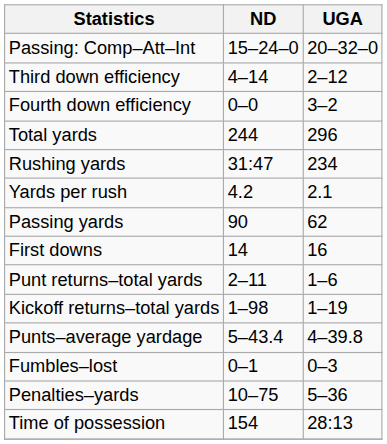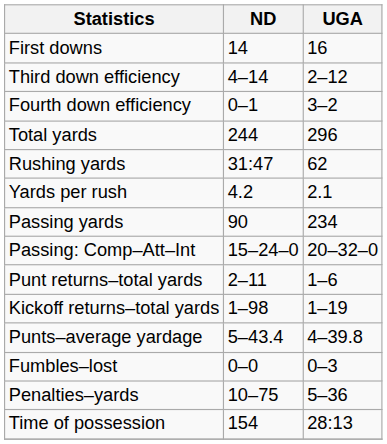 <table class="wikitable" style="float: left;">
 <tr>
 <th>Statistics</th>
 <th>ND</th>
 <th>UGA</th>
 </tr>
 <tr>
-<td>Passing: Comp–Att–Int</td>
-<td>15–24–0</td>
-<td>20–32–0</td>
+<td>First downs</td>
+<td>14</td>
+<td>16</td>
 </tr>
 <tr>
 <td>Third down efficiency</td>
 <td>4–14</td>
 <td>2–12</td>
 </tr>
 <tr>
 <td>Fourth down efficiency</td>
-<td>0–0</td>
+<td>0–1</td>
 <td>3–2</td>
 </tr>
 <tr>
 <td>Total yards</td>
 <td>244</td>
 <td>296</td>
 </tr>
 <tr>
 <td>Rushing yards</td>
 <td>31:47</td>
-<td>234</td>
+<td>62</td>
 </tr>
 <tr>
 <td>Yards per rush</td>
 <td>4.2</td>
 <td>2.1</td>
 </tr>
 <tr>
 <td>Passing yards</td>
 <td>90</td>
-<td>62</td>
+<td>234</td>
 </tr>
 <tr>
-<td>First downs</td>
-<td>14</td>
-<td>16</td>
+<td>Passing: Comp–Att–Int</td>
+<td>15–24–0</td>
+<td>20–32–0</td>
 </tr>
 <tr>
 <td>Punt returns–total yards</td>
 <td>2–11</td>
 <td>1–6</td>
 </tr>
 <tr>
 <td>Kickoff returns–total yards</td>
 <td>1–98</td>
 <td>1–19</td>
 </tr>
 <tr>
 <td>Punts–average yardage</td>
 <td>5–43.4</td>
 <td>4–39.8</td>
 </tr>
 <tr>
 <td>Fumbles–lost</td>
-<td>0–1</td>
+<td>0–0</td>
 <td>0–3</td>
 </tr>
 <tr>
 <td>Penalties–yards</td>
 <td>10–75</td>
 <td>5–36</td>
 </tr>
 <tr>
 <td>Time of possession</td>
 <td>154</td>
 <td>28:13</td>
 </tr>
 <tr>
 </tr>
 </table>
